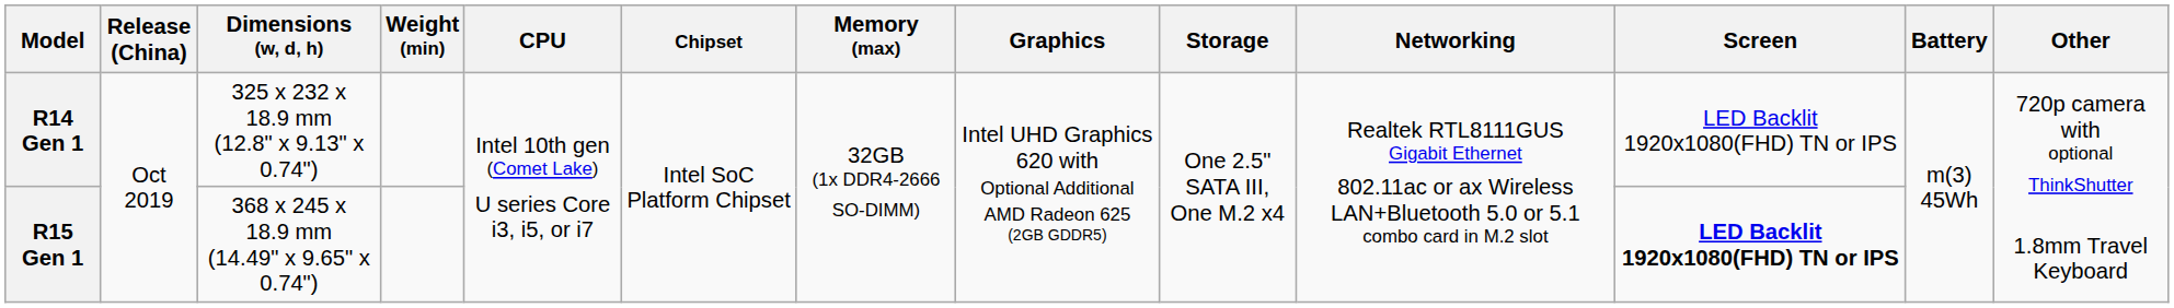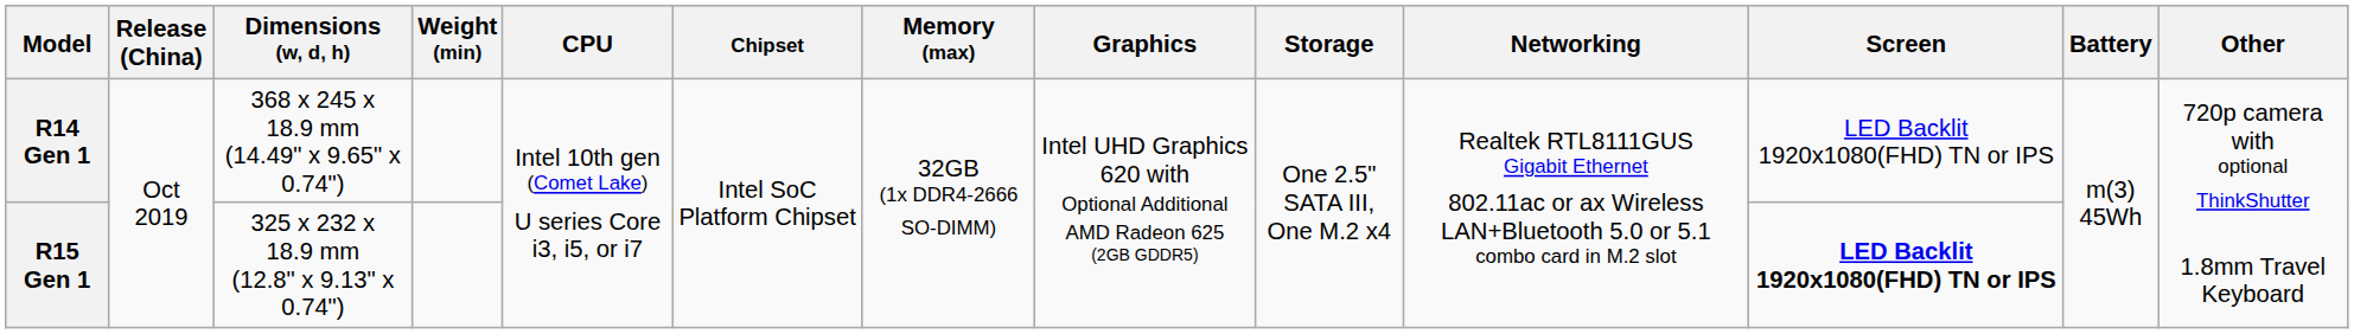 <table class="wikitable" style="font-size:80%; text-align:center">
 <tr>
 <th>Model</th>
 <th>Release<br>(China)</th>
 <th>Dimensions <br><sup>(w, d, h)</sup></th>
 <th>Weight <br><sup>(min)</sup></th>
 <th>CPU</th>
 <th><small>Chipset</small></th>
 <th>Memory <br><sup>(max)</sup></th>
 <th>Graphics</th>
 <th>Storage</th>
 <th>Networking</th>
 <th>Screen</th>
 <th>Battery</th>
 <th>Other</th>
 </tr>
 <tr>
 <th>R14 Gen 1 </th>
 <td rowspan="2">Oct 2019</td>
-<td>325 x 232 x 18.9 mm <br>(12.8" x 9.13" x 0.74")</td>
+<td>368 x 245 x 18.9 mm <br>(14.49" x 9.65" x 0.74")</td>
 <td></td>
 <td rowspan="2" style="background:">Intel 10th gen <br><sup>(<a href='#'>Comet Lake</a>)</sup> <br>U series Core i3, i5, or i7</td>
 <td rowspan="2">Intel SoC Platform Chipset</td>
 <td rowspan="2" style="background:">32GB <br><sup>(1x DDR4-2666 SO-DIMM)</sup></td>
 <td rowspan="2" style="background:">Intel UHD Graphics 620 with <br><small>Optional Additional AMD Radeon 625 <br><sup>(2GB GDDR5)</sup></small></td>
 <td rowspan="2" style="background:">One 2.5" SATA III, <br>One M.2 x4</td>
 <td rowspan="2">Realtek RTL8111GUS <br><sup><a href='#'>Gigabit Ethernet</a></sup> <br>802.11ac or ax Wireless LAN+Bluetooth 5.0 or 5.1<br><sup>combo card in M.2 slot</sup></td>
 <td style="background:"><a href='#'>LED Backlit</a> 1920x1080(FHD) TN or IPS</td>
 <td rowspan="2" style="background:">m(3) <br>45Wh</td>
 <td rowspan="2">720p camera with <br><sup>optional <a href='#'>ThinkShutter</a></sup> <br><br>1.8mm Travel Keyboard</td>
 </tr>
 <tr>
 <th>R15 Gen 1 </th>
-<td>368 x 245 x 18.9 mm <br>(14.49" x 9.65" x 0.74")</td>
+<td>325 x 232 x 18.9 mm <br>(12.8" x 9.13" x 0.74")</td>
 <td></td>
 <td style="background:"><strong><a href='#'>LED Backlit</a> 1920x1080(FHD) TN or IPS</strong></td>
 </tr>
 </table>
